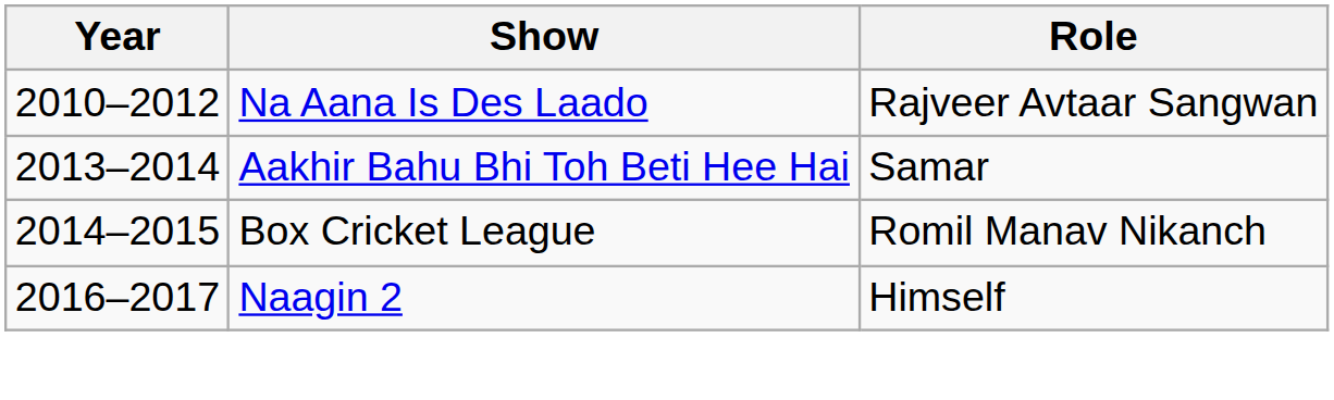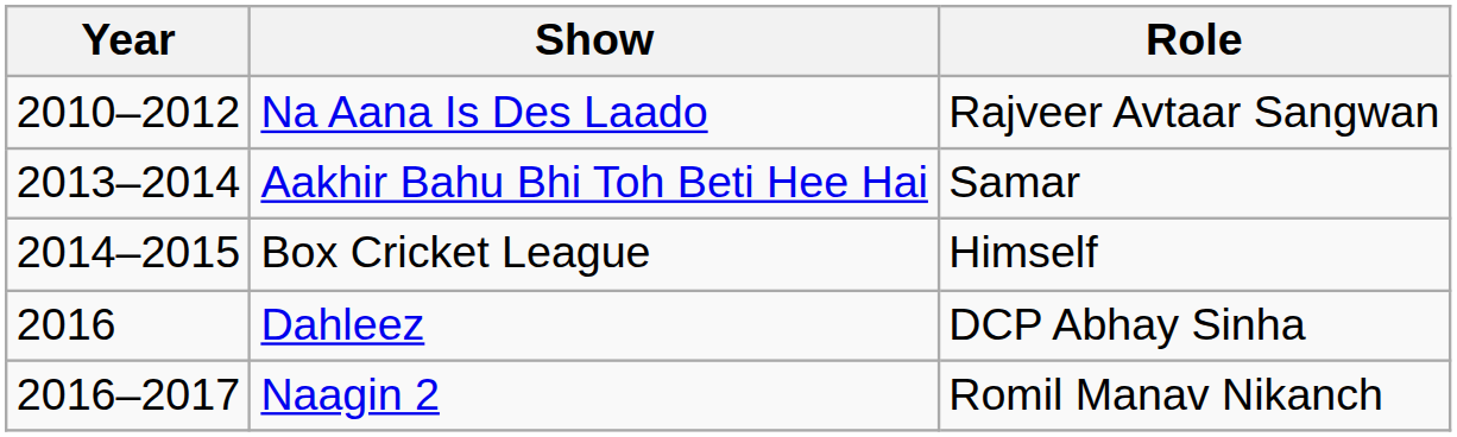 <table class="wikitable">
 <tr>
 <th scope="col:">Year</th>
 <th scope="col:">Show</th>
 <th scope="col:">Role</th>
 </tr>
 <tr>
 <td>2010–2012</td>
 <td><a href='#'>Na Aana Is Des Laado</a></td>
 <td>Rajveer Avtaar Sangwan</td>
 </tr>
 <tr>
 <td>2013–2014</td>
 <td><a href='#'>Aakhir Bahu Bhi Toh Beti Hee Hai</a></td>
 <td>Samar</td>
 </tr>
 <tr>
 <td>2014–2015</td>
 <td>Box Cricket League</td>
-<td>Romil Manav Nikanch</td>
+<td>Himself</td>
+</tr>
+<tr>
+<td>2016</td>
+<td><a href='#'>Dahleez</a></td>
+<td>DCP Abhay Sinha</td>
 </tr>
 <tr>
 <td>2016–2017</td>
 <td><a href='#'>Naagin 2</a></td>
-<td>Himself</td>
+<td>Romil Manav Nikanch</td>
 </tr>
 </table>
